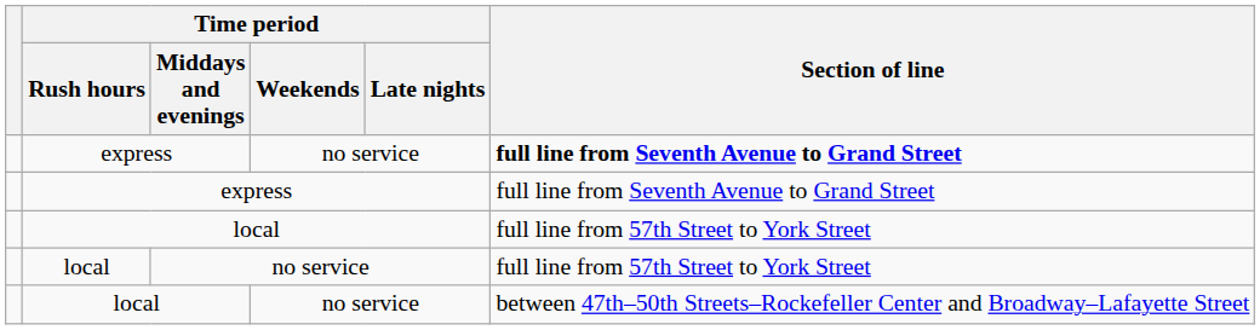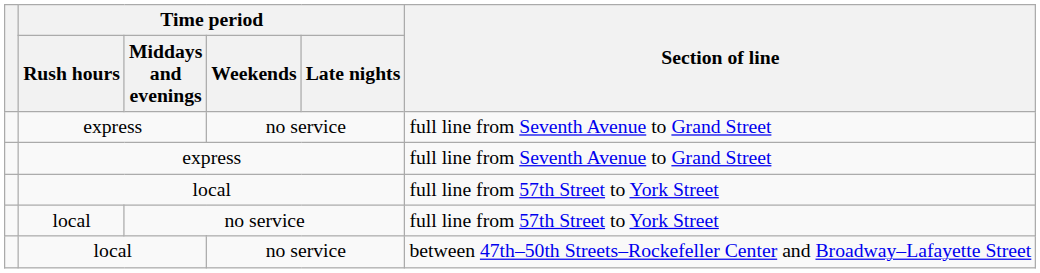 <table class="wikitable">
 <tr>
 <th rowspan=2> </th>
 <th colspan=4>Time period</th>
 <th rowspan=2>Section of line</th>
 </tr>
 <tr>
 <th>Rush hours</th>
 <th>Middays<br>and<br>evenings</th>
 <th>Weekends</th>
 <th>Late nights</th>
 </tr>
 <tr>
 <td></td>
 <td align=center colspan=2>express</td>
 <td align=center colspan=2>no service</td>
-<td><strong>full line from <a href='#'>Seventh Avenue</a> to <a href='#'>Grand Street</a></strong></td>
+<td>full line from <a href='#'>Seventh Avenue</a> to <a href='#'>Grand Street</a></td>
 </tr>
 <tr>
 <td></td>
 <td align=center colspan=4>express</td>
 <td>full line from <a href='#'>Seventh Avenue</a> to <a href='#'>Grand Street</a></td>
 </tr>
 <tr>
 <td></td>
 <td align=center colspan=4>local</td>
 <td>full line from <a href='#'>57th Street</a> to <a href='#'>York Street</a></td>
 </tr>
 <tr>
 <td></td>
 <td align=center>local</td>
 <td align=center colspan=3>no service</td>
 <td>full line from <a href='#'>57th Street</a> to <a href='#'>York Street</a></td>
 </tr>
 <tr>
 <td></td>
 <td align=center colspan=2>local</td>
 <td align=center colspan=2>no service</td>
 <td>between <a href='#'>47th–50th Streets–Rockefeller Center</a> and <a href='#'>Broadway–Lafayette Street</a></td>
 </tr>
 </table>
